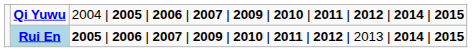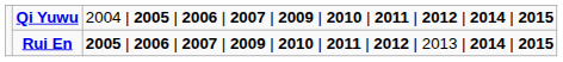 <table class="wikitable" style="text-align:center">
 <tr>
 <td rowspan=2><div></div></td>
 <td><strong><a href='#'>Qi Yuwu</a> </strong></td>
 <td>2004 | <strong>2005</strong> | <strong>2006</strong> | <strong>2007</strong> | <strong>2009</strong> | <strong>2010</strong> | <strong>2011</strong> | <strong>2012</strong> | <strong>2014</strong> | <strong>2015</strong></td>
 </tr>
 <tr>
-<td style="background: lightblue;"><strong><a href='#'>Rui En</a> </strong></td>
+<td><strong><a href='#'>Rui En</a> </strong></td>
 <td><strong>2005</strong> | <strong>2006</strong> | <strong>2007</strong> | <strong>2009</strong> | <strong>2010</strong> | <strong>2011</strong> | <strong>2012</strong> | 2013 | <strong>2014</strong> | <strong>2015</strong></td>
 </tr>
 </table>
